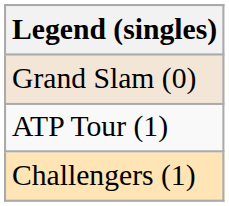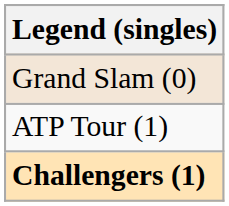 <table class=wikitable style="font-size:90%">
 <tr>
 <th>Legend (singles)</th>
 </tr>
 <tr bgcolor="#f3e6d7">
 <td>Grand Slam (0)</td>
 </tr>
 <tr bgcolor=>
 <td>ATP Tour (1)</td>
 </tr>
 <tr bgcolor="moccasin">
-<td>Challengers (1)</td>
+<td><strong>Challengers (1)</strong></td>
 </tr>
 </table>
